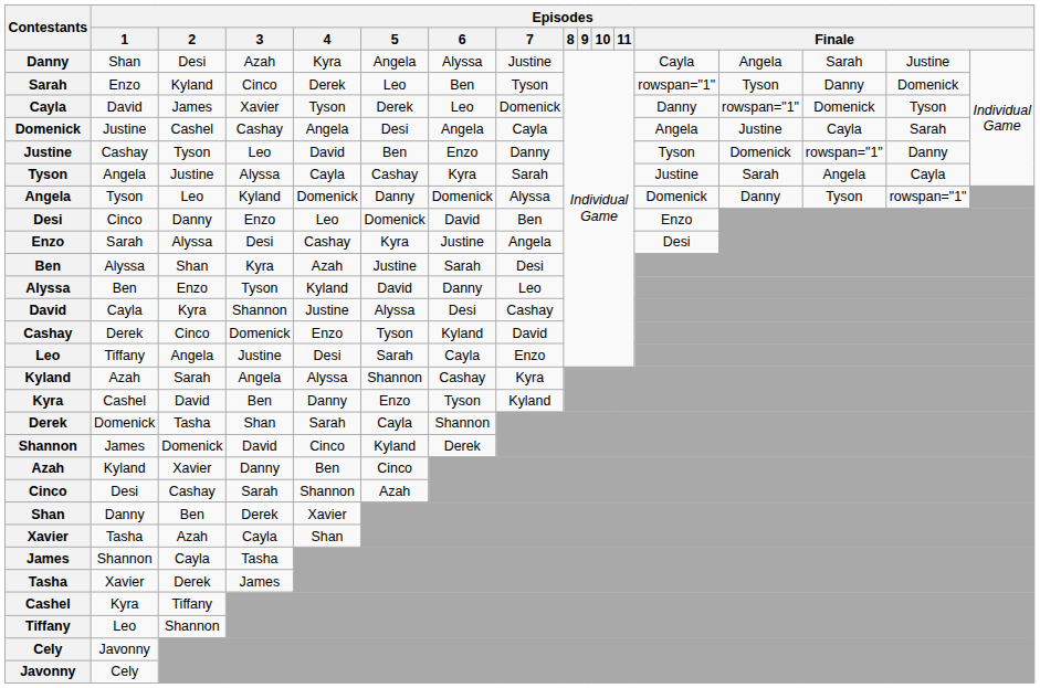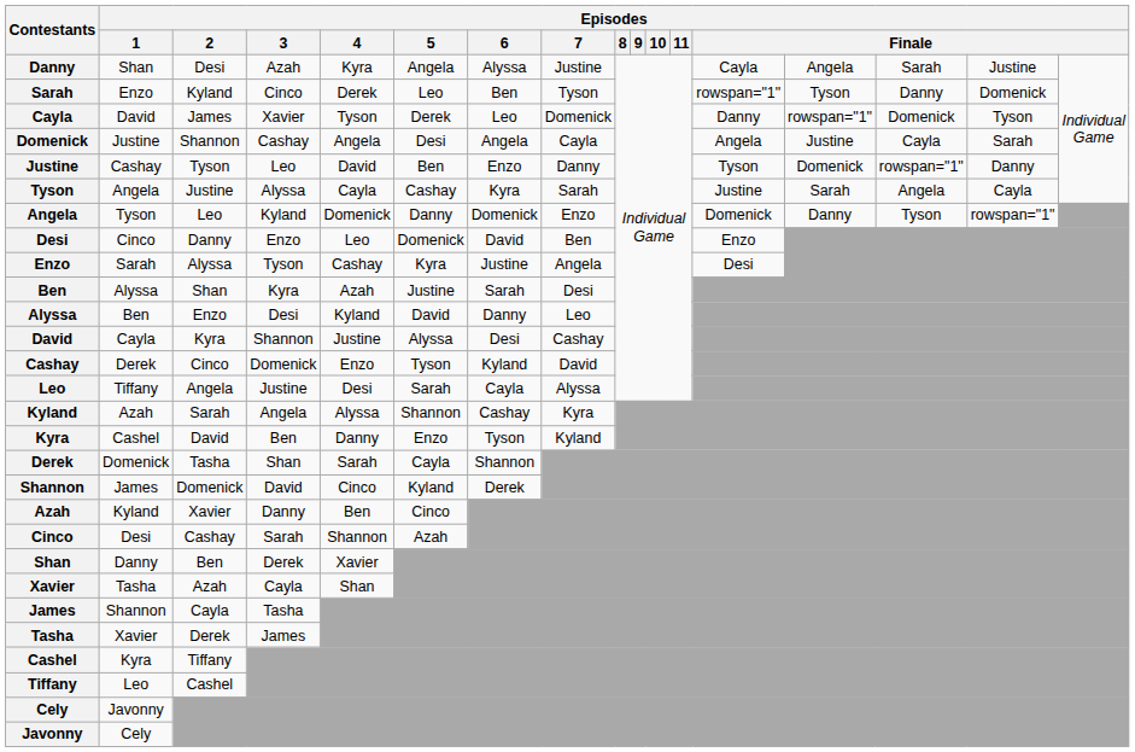 <table class="wikitable sortable" style="text-align:center; font-size:80%; white-space:nowrap;">
 <tr>
 <th scope="col" rowspan=2>Contestants</th>
 <th colspan="16" scope="col">Episodes</th>
 </tr>
 <tr>
 <th>1</th>
 <th>2</th>
 <th>3</th>
 <th>4</th>
 <th>5</th>
 <th>6</th>
 <th>7</th>
 <th>8</th>
 <th>9</th>
 <th>10</th>
 <th>11</th>
 <th colspan="5">Finale</th>
 </tr>
 <tr>
 <th scope="row">Danny</th>
 <td>Shan</td>
 <td>Desi</td>
 <td>Azah</td>
 <td>Kyra</td>
 <td>Angela</td>
 <td>Alyssa</td>
 <td>Justine</td>
 <td colspan="4" rowspan="14"><em>Individual<br>Game</em></td>
 <td>Cayla</td>
 <td>Angela</td>
 <td>Sarah</td>
 <td>Justine</td>
 <td colspan="1" rowspan="6"><em>Individual<br>Game</em></td>
 </tr>
 <tr>
 <th scope="row">Sarah</th>
 <td>Enzo</td>
 <td>Kyland</td>
 <td>Cinco</td>
 <td>Derek</td>
 <td>Leo</td>
 <td>Ben</td>
 <td>Tyson</td>
 <td>rowspan="1" </td>
 <td>Tyson</td>
 <td>Danny</td>
 <td>Domenick</td>
 </tr>
 <tr>
 <th scope="row">Cayla</th>
 <td>David</td>
 <td>James</td>
 <td>Xavier</td>
 <td>Tyson</td>
 <td>Derek</td>
 <td>Leo</td>
 <td>Domenick</td>
 <td>Danny</td>
 <td>rowspan="1" </td>
 <td>Domenick</td>
 <td>Tyson</td>
 </tr>
 <tr>
 <th scope="row">Domenick</th>
 <td>Justine</td>
-<td>Cashel</td>
+<td>Shannon</td>
 <td>Cashay</td>
 <td>Angela</td>
 <td>Desi</td>
 <td>Angela</td>
 <td>Cayla</td>
 <td>Angela</td>
 <td>Justine</td>
 <td>Cayla</td>
 <td>Sarah</td>
 </tr>
 <tr>
 <th scope="row">Justine</th>
 <td>Cashay</td>
 <td>Tyson</td>
 <td>Leo</td>
 <td>David</td>
 <td>Ben</td>
 <td>Enzo</td>
 <td>Danny</td>
 <td>Tyson</td>
 <td>Domenick</td>
 <td>rowspan="1" </td>
 <td>Danny</td>
 </tr>
 <tr>
 <th scope="row">Tyson</th>
 <td>Angela</td>
 <td>Justine</td>
 <td>Alyssa</td>
 <td>Cayla</td>
 <td>Cashay</td>
 <td>Kyra</td>
 <td>Sarah</td>
 <td>Justine</td>
 <td>Sarah</td>
 <td>Angela</td>
 <td>Cayla</td>
 </tr>
 <tr>
 <th scope="row">Angela</th>
 <td>Tyson</td>
 <td>Leo</td>
 <td>Kyland</td>
 <td>Domenick</td>
 <td>Danny</td>
 <td>Domenick</td>
-<td>Alyssa</td>
+<td>Enzo</td>
 <td>Domenick</td>
 <td>Danny</td>
 <td>Tyson</td>
 <td>rowspan="1" </td>
 <td colspan="1" rowspan="1" bgcolor="darkgray"></td>
 </tr>
 <tr>
 <th scope="row">Desi</th>
 <td>Cinco</td>
 <td>Danny</td>
 <td>Enzo</td>
 <td>Leo</td>
 <td>Domenick</td>
 <td>David</td>
 <td>Ben</td>
 <td>Enzo</td>
 <td colspan="4" rowspan="2" bgcolor="darkgray"></td>
 </tr>
 <tr>
 <th scope="row">Enzo</th>
 <td>Sarah</td>
 <td>Alyssa</td>
-<td>Desi</td>
+<td>Tyson</td>
 <td>Cashay</td>
 <td>Kyra</td>
 <td>Justine</td>
 <td>Angela</td>
 <td>Desi</td>
 </tr>
 <tr>
 <th scope="row">Ben</th>
 <td>Alyssa</td>
 <td>Shan</td>
 <td>Kyra</td>
 <td>Azah</td>
 <td>Justine</td>
 <td>Sarah</td>
 <td>Desi</td>
 <td colspan="5" rowspan="1" bgcolor="darkgray"></td>
 </tr>
 <tr>
 <th scope="row">Alyssa</th>
 <td>Ben</td>
 <td>Enzo</td>
-<td>Tyson</td>
+<td>Desi</td>
 <td>Kyland</td>
 <td>David</td>
 <td>Danny</td>
 <td>Leo</td>
 <td colspan="5" rowspan="1" bgcolor="darkgray"></td>
 </tr>
 <tr>
 <th scope="row">David</th>
 <td>Cayla</td>
 <td>Kyra</td>
 <td>Shannon</td>
 <td>Justine</td>
 <td>Alyssa</td>
 <td>Desi</td>
 <td>Cashay</td>
 <td colspan="5" rowspan="1" bgcolor="darkgray"></td>
 </tr>
 <tr>
 <th scope="row">Cashay</th>
 <td>Derek</td>
 <td>Cinco</td>
 <td>Domenick</td>
 <td>Enzo</td>
 <td>Tyson</td>
 <td>Kyland</td>
 <td>David</td>
 <td colspan="5" rowspan="1" bgcolor="darkgray"></td>
 </tr>
 <tr>
 <th scope="row">Leo</th>
 <td>Tiffany</td>
 <td>Angela</td>
 <td>Justine</td>
 <td>Desi</td>
 <td>Sarah</td>
 <td>Cayla</td>
-<td>Enzo</td>
+<td>Alyssa</td>
 <td colspan="5" rowspan="1" bgcolor="darkgray"></td>
 </tr>
 <tr>
 <th scope="row">Kyland</th>
 <td>Azah</td>
 <td>Sarah</td>
 <td>Angela</td>
 <td>Alyssa</td>
 <td>Shannon</td>
 <td>Cashay</td>
 <td>Kyra</td>
 <td colspan="9" rowspan="2" bgcolor="darkgray"></td>
 </tr>
 <tr>
 <th scope="row">Kyra</th>
 <td>Cashel</td>
 <td>David</td>
 <td>Ben</td>
 <td>Danny</td>
 <td>Enzo</td>
 <td>Tyson</td>
 <td>Kyland</td>
 </tr>
 <tr>
 <th scope="row">Derek</th>
 <td>Domenick</td>
 <td>Tasha</td>
 <td>Shan</td>
 <td>Sarah</td>
 <td>Cayla</td>
 <td>Shannon</td>
 <td colspan="10" rowspan="2" bgcolor="darkgray"></td>
 </tr>
 <tr>
 <th scope="row">Shannon</th>
 <td>James</td>
 <td>Domenick</td>
 <td>David</td>
 <td>Cinco</td>
 <td>Kyland</td>
 <td>Derek</td>
 </tr>
 <tr>
 <th scope="row">Azah</th>
 <td>Kyland</td>
 <td>Xavier</td>
 <td>Danny</td>
 <td>Ben</td>
 <td>Cinco</td>
 <td colspan="11" rowspan="2" bgcolor="darkgray"></td>
 </tr>
 <tr>
 <th scope="row">Cinco</th>
 <td>Desi</td>
 <td>Cashay</td>
 <td>Sarah</td>
 <td>Shannon</td>
 <td>Azah</td>
 </tr>
 <tr>
 <th scope="row">Shan</th>
 <td>Danny</td>
 <td>Ben</td>
 <td>Derek</td>
 <td>Xavier</td>
 <td colspan="12" rowspan="2" bgcolor="darkgray"></td>
 </tr>
 <tr>
 <th scope="row">Xavier</th>
 <td>Tasha</td>
 <td>Azah</td>
 <td>Cayla</td>
 <td>Shan</td>
 </tr>
 <tr>
 <th scope="row">James</th>
 <td>Shannon</td>
 <td>Cayla</td>
 <td>Tasha</td>
 <td colspan="13" rowspan="2" bgcolor="darkgray"></td>
 </tr>
 <tr>
 <th scope="row">Tasha</th>
 <td>Xavier</td>
 <td>Derek</td>
 <td>James</td>
 </tr>
 <tr>
 <th scope="row">Cashel</th>
 <td>Kyra</td>
 <td>Tiffany</td>
 <td colspan="14" rowspan="2" bgcolor="darkgray"></td>
 </tr>
 <tr>
 <th scope="row">Tiffany</th>
 <td>Leo</td>
-<td>Shannon</td>
+<td>Cashel</td>
 </tr>
 <tr>
 <th scope="row">Cely</th>
 <td>Javonny</td>
 <td colspan="15" rowspan="2" bgcolor="darkgray"></td>
 </tr>
 <tr>
 <th scope="row">Javonny</th>
 <td>Cely</td>
 </tr>
 </table>
